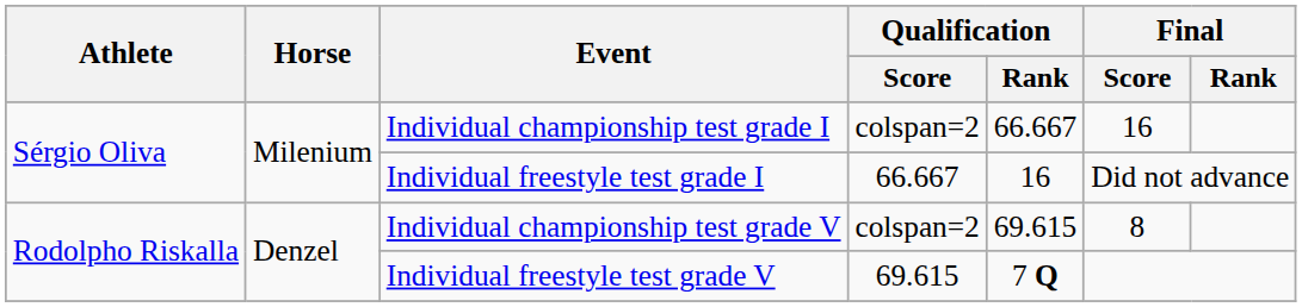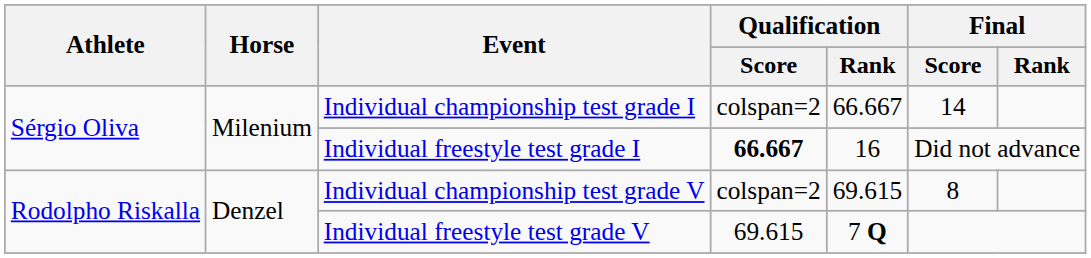 <table class=wikitable style="font-size:90%">
 <tr>
 <th rowspan="2">Athlete</th>
 <th rowspan="2">Horse</th>
 <th rowspan="2">Event</th>
 <th colspan="2">Qualification</th>
 <th colspan="2">Final</th>
 </tr>
 <tr style=font-size:95%>
 <th>Score</th>
 <th>Rank</th>
 <th>Score</th>
 <th>Rank</th>
 </tr>
 <tr align=center>
 <td align=left rowspan=2><a href='#'>Sérgio Oliva</a></td>
 <td align=left rowspan=2>Milenium</td>
 <td align=left><a href='#'>Individual championship test grade I</a></td>
 <td>colspan=2 </td>
 <td>66.667</td>
-<td>16</td>
+<td>14</td>
 </tr>
 <tr align=center>
 <td align=left><a href='#'>Individual freestyle test grade I</a></td>
-<td>66.667</td>
+<td><strong>66.667</strong></td>
 <td>16</td>
 <td colspan=2>Did not advance</td>
 </tr>
 <tr align=center>
 <td align=left rowspan=2><a href='#'>Rodolpho Riskalla</a></td>
 <td align=left rowspan=2>Denzel</td>
 <td align=left><a href='#'>Individual championship test grade V</a></td>
 <td>colspan=2 </td>
 <td>69.615</td>
 <td>8</td>
 </tr>
 <tr align=center>
 <td align=left><a href='#'>Individual freestyle test grade V</a></td>
 <td>69.615</td>
 <td>7 <strong>Q</strong></td>
 <td colspan=2></td>
 </tr>
 </table>
